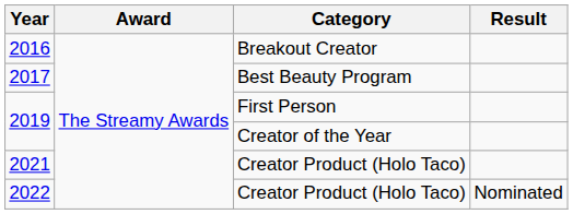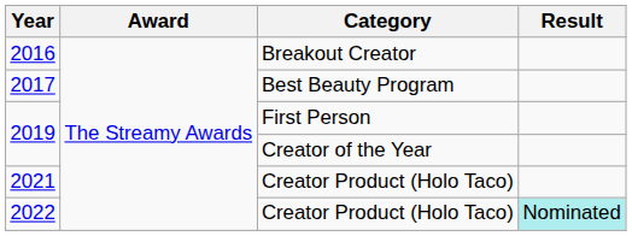 <table class="wikitable sortable">
 <tr>
 <th>Year</th>
 <th>Award</th>
 <th>Category</th>
 <th>Result</th>
 </tr>
 <tr>
 <td><a href='#'>2016</a></td>
 <td rowspan="6"><a href='#'>The Streamy Awards</a></td>
 <td>Breakout Creator</td>
 <td></td>
 </tr>
 <tr>
 <td><a href='#'>2017</a></td>
 <td>Best Beauty Program</td>
 <td></td>
 </tr>
 <tr>
 <td rowspan="2"><a href='#'>2019</a></td>
 <td>First Person</td>
 <td></td>
 </tr>
 <tr>
 <td>Creator of the Year</td>
 <td></td>
 </tr>
 <tr>
 <td><a href='#'>2021</a></td>
 <td>Creator Product (Holo Taco)</td>
 <td></td>
 </tr>
 <tr>
 <td><a href='#'>2022</a></td>
 <td>Creator Product (Holo Taco)</td>
-<td>Nominated</td>
+<td style="background: paleturquoise;">Nominated</td>
 </tr>
 </table>
